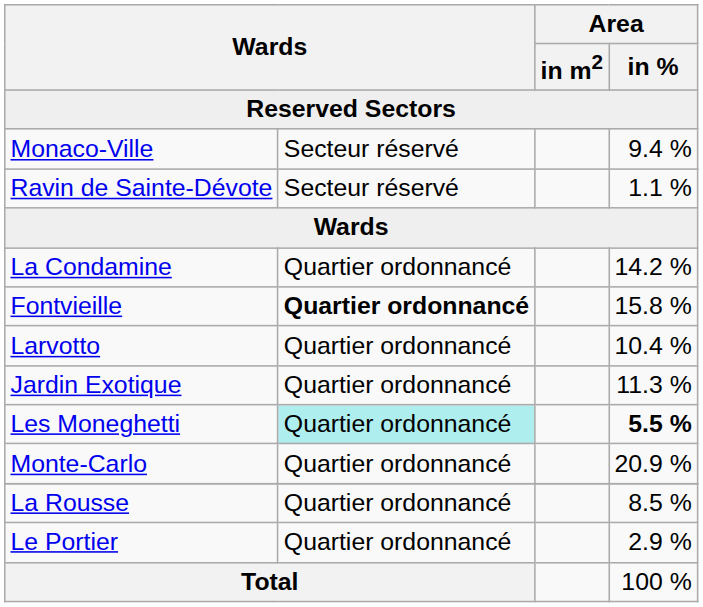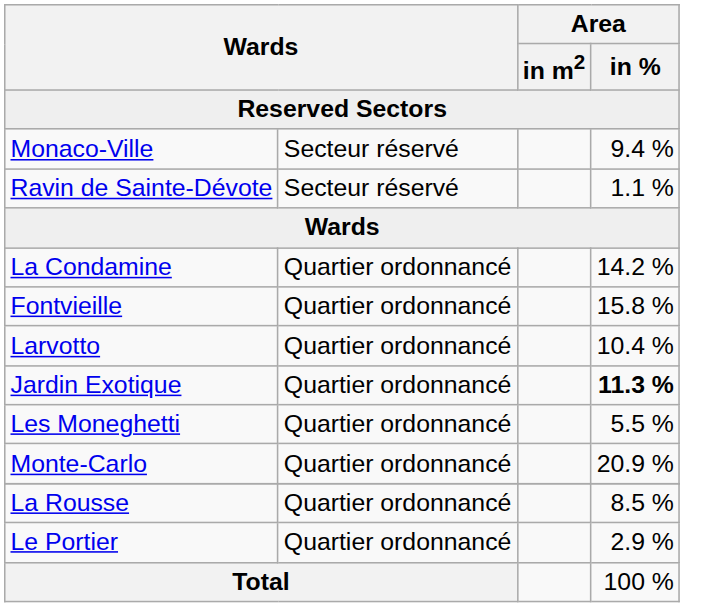 <table class="wikitable centre">
 <tr>
 <th colspan="2" rowspan="2">Wards</th>
 <th scope="col" colspan="2">Area</th>
 </tr>
 <tr>
 <th scope="col">in m<sup>2</sup></th>
 <th scope="col">in %</th>
 </tr>
 <tr>
 <td colspan="7" style="text-align:center; background:#efefef;"><strong>Reserved Sectors</strong></td>
 </tr>
 <tr>
 <td><a href='#'>Monaco-Ville</a></td>
 <td>Secteur réservé</td>
 <td align="right"></td>
 <td align="right">9.4 %</td>
 </tr>
 <tr>
 <td><a href='#'>Ravin de Sainte-Dévote</a></td>
 <td>Secteur réservé</td>
 <td align="right"></td>
 <td align="right">1.1 %</td>
 </tr>
 <tr>
 <td colspan="7" style="text-align:center; background:#efefef;"><strong>Wards</strong></td>
 </tr>
 <tr>
 <td><a href='#'>La Condamine</a></td>
 <td>Quartier ordonnancé</td>
 <td align="right"></td>
 <td align="right">14.2 %</td>
 </tr>
 <tr>
 <td><a href='#'>Fontvieille</a></td>
-<td><strong>Quartier ordonnancé</strong></td>
+<td>Quartier ordonnancé</td>
 <td align="right"></td>
 <td align="right">15.8 %</td>
 </tr>
 <tr>
 <td><a href='#'>Larvotto</a></td>
 <td>Quartier ordonnancé</td>
 <td align="right"></td>
 <td align="right">10.4 %</td>
 </tr>
 <tr>
 <td><a href='#'>Jardin Exotique</a></td>
 <td>Quartier ordonnancé</td>
 <td align="right"></td>
-<td align="right">11.3 %</td>
+<td align="right"><strong>11.3 %</strong></td>
 </tr>
 <tr>
 <td><a href='#'>Les Moneghetti</a></td>
-<td style="background: paleturquoise;">Quartier ordonnancé</td>
+<td>Quartier ordonnancé</td>
 <td align="right"></td>
-<td align="right"><strong>5.5 %</strong></td>
+<td align="right">5.5 %</td>
 </tr>
 <tr>
 <td><a href='#'>Monte-Carlo</a></td>
 <td>Quartier ordonnancé</td>
 <td align="right"></td>
 <td align="right">20.9 %</td>
 </tr>
 <tr>
 </tr>
 <tr>
 <td><a href='#'>La Rousse</a></td>
 <td>Quartier ordonnancé</td>
 <td align="right"></td>
 <td align="right">8.5 %</td>
 </tr>
 <tr>
 <td><a href='#'>Le Portier</a></td>
 <td>Quartier ordonnancé</td>
 <td align="right"></td>
 <td align="right">2.9 %</td>
 </tr>
 <tr>
 <th colspan="2">Total</th>
 <td align="right"></td>
 <td align="right">100 %</td>
 </tr>
 </table>
